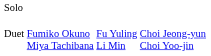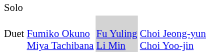 <table>
 <tr>
 <td>Solo<br></td>
 <td></td>
 <td></td>
 <td></td>
 </tr>
 <tr>
 <td>Duet<br></td>
 <td><br><a href='#'>Fumiko Okuno</a><br><a href='#'>Miya Tachibana</a></td>
-<td><br><a href='#'>Fu Yuling</a><br><a href='#'>Li Min</a></td>
+<td style="background: lightgrey;"><br><a href='#'>Fu Yuling</a><br><a href='#'>Li Min</a></td>
 <td><br><a href='#'>Choi Jeong-yun</a><br><a href='#'>Choi Yoo-jin</a></td>
 </tr>
 </table>
